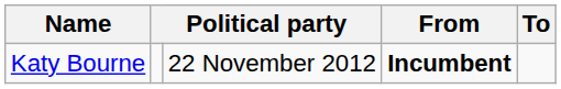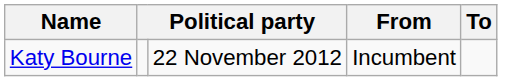 <table class="wikitable">
 <tr>
 <th scope="col">Name</th>
 <th scope="col" colspan="2">Political party</th>
 <th scope="col">From</th>
 <th scope="col">To</th>
 </tr>
 <tr>
 <td><a href='#'>Katy Bourne</a></td>
 <td></td>
 <td>22 November 2012</td>
-<td><strong>Incumbent</strong></td>
+<td>Incumbent</td>
 </tr>
 </table>
